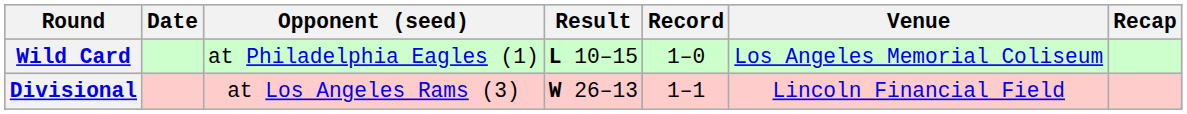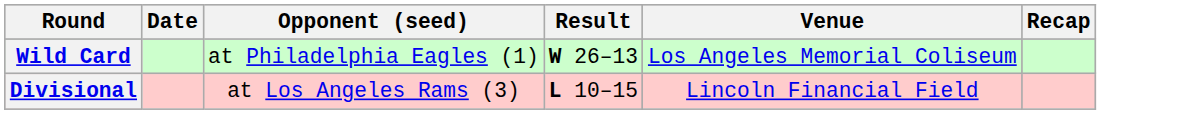 <table class="wikitable" style="text-align:center">
 <tr>
 <th>Round</th>
 <th>Date</th>
 <th>Opponent (seed)</th>
 <th>Result</th>
-<th>Record</th>
 <th>Venue</th>
 <th>Recap</th>
 </tr>
 <tr style="background:#cfc">
 <th><a href='#'>Wild Card</a></th>
 <td></td>
 <td>at <a href='#'>Philadelphia Eagles</a> (1)</td>
-<td><strong>L</strong> 10–15</td>
-<td>1–0</td>
+<td><strong>W</strong> 26–13</td>
 <td><a href='#'>Los Angeles Memorial Coliseum</a></td>
 <td></td>
 </tr>
 <tr style="background:#fcc">
 <th><a href='#'>Divisional</a></th>
 <td></td>
 <td>at <a href='#'>Los Angeles Rams</a> (3)</td>
-<td><strong>W</strong> 26–13</td>
-<td>1–1</td>
+<td><strong>L</strong> 10–15</td>
 <td><a href='#'>Lincoln Financial Field</a></td>
 <td></td>
 </tr>
 </table>
